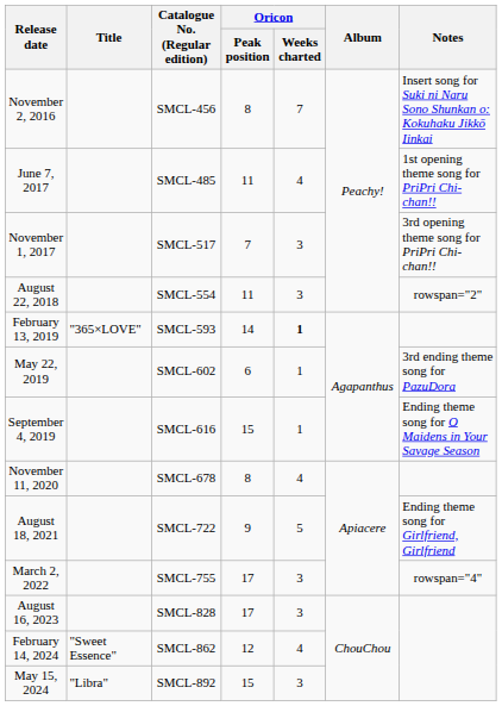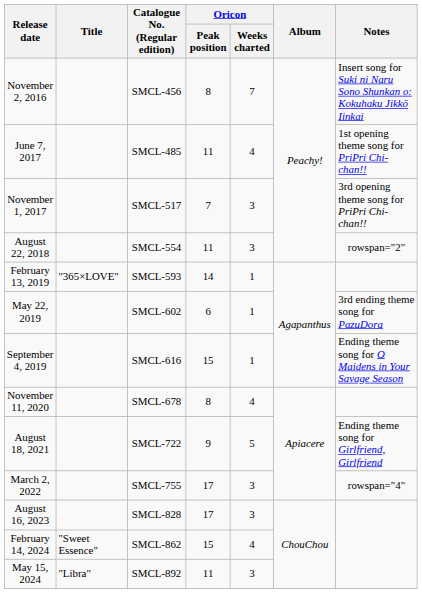 <table class="wikitable plainrowheaders" style="text-align:center">
 <tr>
 <th rowspan=2; style="width:2em;">Release date</th>
 <th rowspan=2; style="width:7em;">Title</th>
 <th rowspan=2; style="width:6em;">Catalogue No.<br>(Regular edition)</th>
 <th colspan=2; style="width:8em;"><a href='#'>Oricon</a></th>
 <th rowspan=2; style="width:6em;">Album</th>
 <th rowspan=2; style="width:10em;">Notes</th>
 </tr>
 <tr>
 <th style="width:4em;">Peak<br>position</th>
 <th style="width:4em;">Weeks<br>charted</th>
 </tr>
 <tr>
 <td>November 2, 2016</td>
 <td align=left></td>
 <td>SMCL-456</td>
 <td>8</td>
 <td>7</td>
 <td rowspan="4"><em>Peachy!</em></td>
 <td align=left>Insert song for <em><a href='#'>Suki ni Naru Sono Shunkan o: Kokuhaku Jikkō Iinkai</a></em></td>
 </tr>
 <tr>
 <td>June 7, 2017</td>
 <td align=left></td>
 <td>SMCL-485</td>
 <td>11</td>
 <td>4</td>
 <td align=left>1st opening theme song for <em><a href='#'>PriPri Chi-chan!!</a></em></td>
 </tr>
 <tr>
 <td>November 1, 2017</td>
 <td align=left></td>
 <td>SMCL-517</td>
 <td>7</td>
 <td>3</td>
 <td align=left>3rd opening theme song for <em>PriPri Chi-chan!!</em></td>
 </tr>
 <tr>
 <td>August 22, 2018</td>
 <td align=left></td>
 <td>SMCL-554</td>
 <td>11</td>
 <td>3</td>
 <td>rowspan="2" </td>
 </tr>
 <tr>
 <td>February 13, 2019</td>
 <td align=left>"365×LOVE"</td>
 <td>SMCL-593</td>
 <td>14</td>
-<td><strong>1</strong></td>
+<td>1</td>
 <td rowspan="3"><em>Agapanthus</em></td>
 </tr>
 <tr>
 <td>May 22, 2019</td>
 <td align=left></td>
 <td>SMCL-602</td>
 <td>6</td>
 <td>1</td>
 <td align=left>3rd ending theme song for <em><a href='#'>PazuDora</a></em></td>
 </tr>
 <tr>
 <td>September 4, 2019</td>
 <td align=left></td>
 <td>SMCL-616</td>
 <td>15</td>
 <td>1</td>
 <td align=left>Ending theme song for <em><a href='#'>O Maidens in Your Savage Season</a></em></td>
 </tr>
 <tr>
 <td>November 11, 2020</td>
 <td align=left></td>
 <td>SMCL-678</td>
 <td>8</td>
 <td>4</td>
 <td rowspan="3"><em>Apiacere</em></td>
 <td></td>
 </tr>
 <tr>
 <td>August 18, 2021</td>
 <td align=left></td>
 <td>SMCL-722</td>
 <td>9</td>
 <td>5</td>
 <td align=left>Ending theme song for <em><a href='#'>Girlfriend, Girlfriend</a></em></td>
 </tr>
 <tr>
 <td>March 2, 2022</td>
 <td align=left></td>
 <td>SMCL-755</td>
 <td>17</td>
 <td>3</td>
 <td>rowspan="4" </td>
 </tr>
 <tr>
 <td>August 16, 2023</td>
 <td align=left></td>
 <td>SMCL-828</td>
 <td>17</td>
 <td>3</td>
 <td rowspan="3"><em>ChouChou</em></td>
 </tr>
 <tr>
 <td>February 14, 2024</td>
 <td align=left>"Sweet Essence"</td>
 <td>SMCL-862</td>
-<td>12</td>
+<td>15</td>
 <td>4</td>
 </tr>
 <tr>
 <td>May 15, 2024</td>
 <td align=left>"Libra"</td>
 <td>SMCL-892</td>
-<td>15</td>
+<td>11</td>
 <td>3</td>
 </tr>
 </table>
